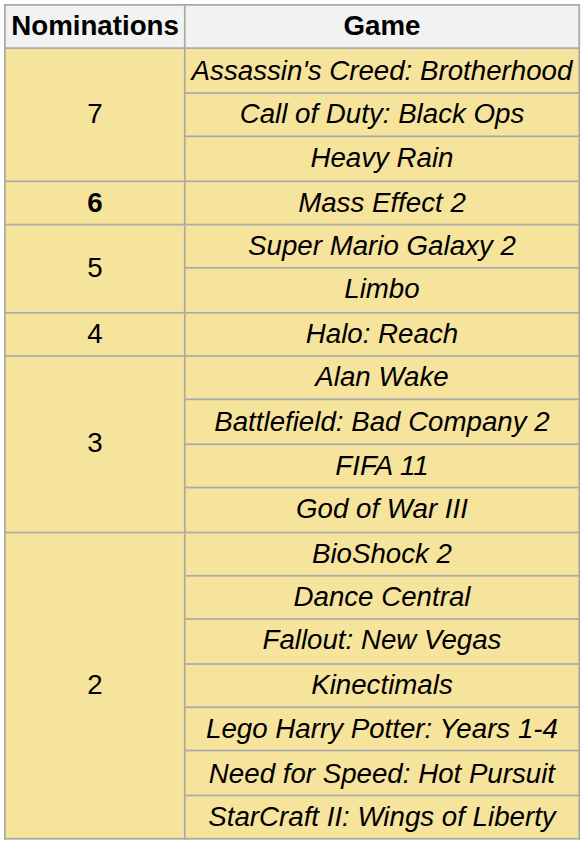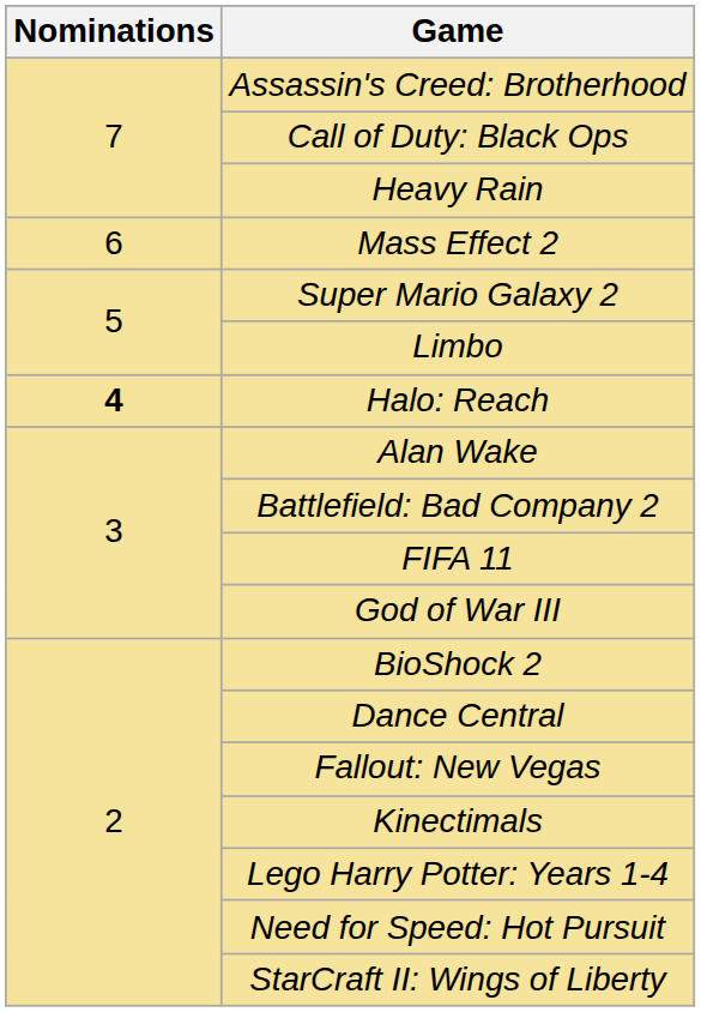 <table class="wikitable" rowspan=2 style="text-align: center; background: #f6e39c">
 <tr>
 <th scope="col" width="55">Nominations</th>
 <th scope="col" align="center">Game</th>
 </tr>
 <tr>
 <td rowspan=3 style="text-align:center">7</td>
 <td><em>Assassin's Creed: Brotherhood</em></td>
 </tr>
 <tr>
 <td><em>Call of Duty: Black Ops</em></td>
 </tr>
 <tr>
 <td><em>Heavy Rain</em></td>
 </tr>
 <tr>
-<td style="text-align:center"><strong>6</strong></td>
+<td style="text-align:center">6</td>
 <td><em>Mass Effect 2</em></td>
 </tr>
 <tr>
 <td rowspan=2 style="text-align:center">5</td>
 <td><em>Super Mario Galaxy 2</em></td>
 </tr>
 <tr>
 <td><em>Limbo</em></td>
 </tr>
 <tr>
-<td style="text-align:center">4</td>
+<td style="text-align:center"><strong>4</strong></td>
 <td><em>Halo: Reach</em></td>
 </tr>
 <tr>
 <td rowspan=4 style="text-align:center">3</td>
 <td><em>Alan Wake</em></td>
 </tr>
 <tr>
 <td><em>Battlefield: Bad Company 2</em></td>
 </tr>
 <tr>
 <td><em>FIFA 11</em></td>
 </tr>
 <tr>
 <td><em>God of War III</em></td>
 </tr>
 <tr>
 <td rowspan=7 style="text-align:center">2</td>
 <td><em>BioShock 2</em></td>
 </tr>
 <tr>
 <td><em>Dance Central</em></td>
 </tr>
 <tr>
 <td><em>Fallout: New Vegas</em></td>
 </tr>
 <tr>
 <td><em>Kinectimals</em></td>
 </tr>
 <tr>
 <td><em>Lego Harry Potter: Years 1-4</em></td>
 </tr>
 <tr>
 <td><em>Need for Speed: Hot Pursuit</em></td>
 </tr>
 <tr>
 <td><em>StarCraft II: Wings of Liberty</em></td>
 </tr>
 </table>
